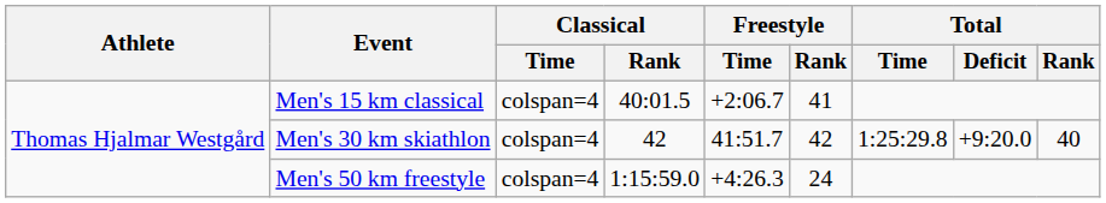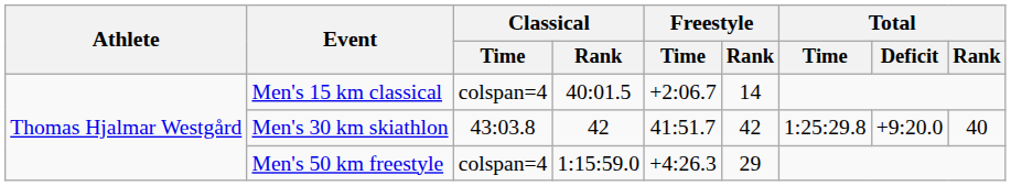 <table class="wikitable" style="font-size:90%">
 <tr>
 <th rowspan=2>Athlete</th>
 <th rowspan=2>Event</th>
 <th colspan=2>Classical</th>
 <th colspan=2>Freestyle</th>
 <th colspan=3>Total</th>
 </tr>
 <tr style="font-size:95%">
 <th>Time</th>
 <th>Rank</th>
 <th>Time</th>
 <th>Rank</th>
 <th>Time</th>
 <th>Deficit</th>
 <th>Rank</th>
 </tr>
 <tr align=center>
 <td align=left rowspan=3><a href='#'>Thomas Hjalmar Westgård</a></td>
 <td align=left><a href='#'>Men's 15 km classical</a></td>
 <td>colspan=4 </td>
 <td>40:01.5</td>
 <td>+2:06.7</td>
-<td>41</td>
+<td>14</td>
 </tr>
 <tr align=center>
 <td align=left><a href='#'>Men's 30 km skiathlon</a></td>
-<td>colspan=4 </td>
+<td>43:03.8</td>
 <td>42</td>
 <td>41:51.7</td>
 <td>42</td>
 <td>1:25:29.8</td>
 <td>+9:20.0</td>
 <td>40</td>
 </tr>
 <tr align=center>
 <td align=left><a href='#'>Men's 50 km freestyle</a></td>
 <td>colspan=4 </td>
 <td>1:15:59.0</td>
 <td>+4:26.3</td>
-<td>24</td>
+<td>29</td>
 </tr>
 </table>
